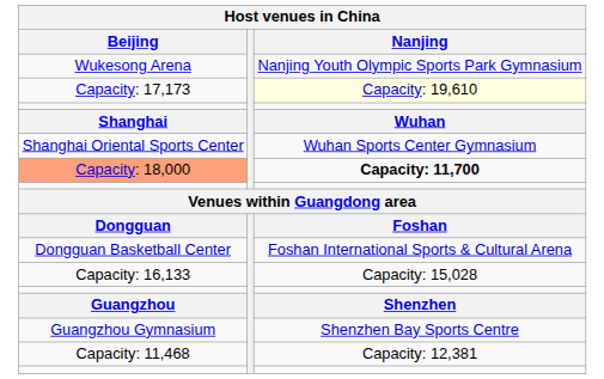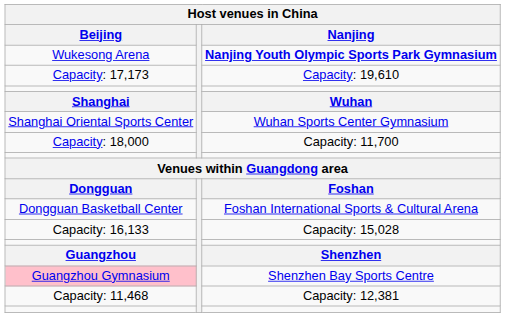 <table class="wikitable" style="text-align:center; margin:auto;">
 <tr>
 <th colspan=3>Host venues in China</th>
 </tr>
 <tr>
 <th><a href='#'>Beijing</a></th>
 <th rowspan="8"></th>
 <th><a href='#'>Nanjing</a></th>
 </tr>
 <tr>
 <td><a href='#'>Wukesong Arena</a></td>
-<td><a href='#'>Nanjing Youth Olympic Sports Park Gymnasium</a></td>
+<td><strong><a href='#'>Nanjing Youth Olympic Sports Park Gymnasium</a></strong></td>
 </tr>
 <tr>
 <td><a href='#'>Capacity</a>: 17,173</td>
-<td style="background: lightyellow;"><a href='#'>Capacity</a>: 19,610</td>
+<td><a href='#'>Capacity</a>: 19,610</td>
 </tr>
 <tr>
 <td></td>
 <td></td>
 </tr>
 <tr>
 <th><a href='#'>Shanghai</a></th>
 <th><a href='#'>Wuhan</a></th>
 </tr>
 <tr>
 <td><a href='#'>Shanghai Oriental Sports Center</a></td>
 <td><a href='#'>Wuhan Sports Center Gymnasium</a></td>
 </tr>
 <tr>
-<td style="background: lightsalmon;"><a href='#'>Capacity</a>: 18,000</td>
-<td><strong>Capacity: 11,700</strong></td>
+<td><a href='#'>Capacity</a>: 18,000</td>
+<td>Capacity: 11,700</td>
 </tr>
 <tr>
 <td></td>
 <td></td>
 </tr>
 <tr>
 <th colspan=3>Venues within <a href='#'>Guangdong</a> area</th>
 </tr>
 <tr>
 <th><a href='#'>Dongguan</a></th>
 <th rowspan="8" align=center></th>
 <th><a href='#'>Foshan</a></th>
 </tr>
 <tr>
 <td><a href='#'>Dongguan Basketball Center</a></td>
 <td><a href='#'>Foshan International Sports & Cultural Arena</a></td>
 </tr>
 <tr>
 <td>Capacity: 16,133</td>
 <td>Capacity: 15,028</td>
 </tr>
 <tr>
 <td></td>
 <td></td>
 </tr>
 <tr>
 <th><a href='#'>Guangzhou</a></th>
 <th><a href='#'>Shenzhen</a></th>
 </tr>
 <tr>
-<td><a href='#'>Guangzhou Gymnasium</a></td>
+<td style="background: pink;"><a href='#'>Guangzhou Gymnasium</a></td>
 <td><a href='#'>Shenzhen Bay Sports Centre</a></td>
 </tr>
 <tr>
 <td>Capacity: 11,468</td>
 <td>Capacity: 12,381</td>
 </tr>
 <tr>
 <td></td>
 <td></td>
 </tr>
 </table>
